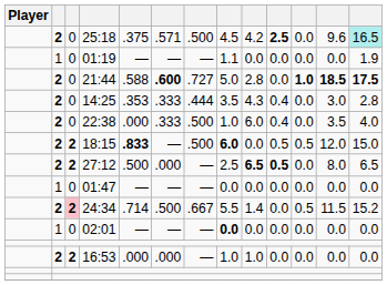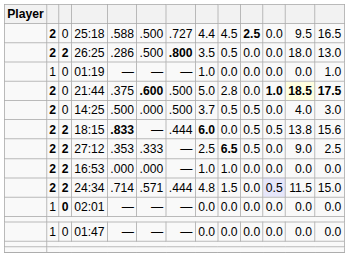 <table class="wikitable sortable" style="font-size:95%; text-align:right;">
 <tr>
 <th>Player</th>
 <th></th>
 <th></th>
 <th></th>
 <th></th>
 <th></th>
 <th></th>
 <th></th>
 <th></th>
 <th></th>
 <th></th>
 <th></th>
 <th></th>
 </tr>
 <tr>
 <td><strong></strong></td>
 <td><strong>2</strong></td>
 <td>0</td>
 <td>25:18</td>
-<td>.375</td>
-<td>.571</td>
+<td>.588</td>
 <td>.500</td>
+<td>.727</td>
+<td>4.4</td>
 <td>4.5</td>
-<td>4.2</td>
 <td><strong>2.5</strong></td>
 <td>0.0</td>
-<td>9.6</td>
-<td style="background: paleturquoise;">16.5</td>
+<td>9.5</td>
+<td>16.5</td>
+</tr>
+<tr>
+<td><strong></strong></td>
+<td><strong>2</strong></td>
+<td><strong>2</strong></td>
+<td>26:25</td>
+<td>.286</td>
+<td>.500</td>
+<td><strong>.800</strong></td>
+<td>3.5</td>
+<td>0.5</td>
+<td>0.0</td>
+<td>0.0</td>
+<td>18.0</td>
+<td>13.0</td>
 </tr>
 <tr>
 <td><strong></strong></td>
 <td>1</td>
 <td>0</td>
 <td>01:19</td>
 <td>—</td>
 <td>—</td>
 <td>—</td>
-<td>1.1</td>
+<td>1.0</td>
 <td>0.0</td>
 <td>0.0</td>
 <td>0.0</td>
 <td>0.0</td>
-<td>1.9</td>
+<td>1.0</td>
 </tr>
 <tr>
 <td><strong></strong></td>
 <td><strong>2</strong></td>
 <td>0</td>
 <td>21:44</td>
-<td>.588</td>
+<td>.375</td>
 <td><strong>.600</strong></td>
-<td>.727</td>
+<td>.500</td>
 <td>5.0</td>
 <td>2.8</td>
 <td>0.0</td>
 <td><strong>1.0</strong></td>
-<td><strong>18.5</strong></td>
+<td style="background: lightyellow;"><strong>18.5</strong></td>
 <td><strong>17.5</strong></td>
 </tr>
 <tr>
 <td><strong></strong></td>
 <td><strong>2</strong></td>
 <td>0</td>
 <td>14:25</td>
-<td>.353</td>
-<td>.333</td>
-<td>.444</td>
-<td>3.5</td>
-<td>4.3</td>
-<td>0.4</td>
+<td>.500</td>
+<td>.000</td>
+<td>.500</td>
+<td>3.7</td>
+<td>0.5</td>
+<td>0.5</td>
 <td>0.0</td>
+<td>4.0</td>
 <td>3.0</td>
-<td>2.8</td>
-</tr>
-<tr>
-<td><strong></strong></td>
-<td><strong>2</strong></td>
-<td>0</td>
-<td>22:38</td>
-<td>.000</td>
-<td>.333</td>
-<td>.500</td>
-<td>1.0</td>
-<td>6.0</td>
-<td>0.4</td>
-<td>0.0</td>
-<td>3.5</td>
-<td>4.0</td>
 </tr>
 <tr>
 <td><strong></strong></td>
 <td><strong>2</strong></td>
 <td><strong>2</strong></td>
 <td>18:15</td>
 <td><strong>.833</strong></td>
 <td>—</td>
-<td>.500</td>
+<td>.444</td>
 <td><strong>6.0</strong></td>
 <td>0.0</td>
 <td>0.5</td>
 <td>0.5</td>
-<td>12.0</td>
-<td>15.0</td>
+<td>13.8</td>
+<td>15.6</td>
 </tr>
 <tr>
 <td><strong></strong></td>
 <td><strong>2</strong></td>
 <td><strong>2</strong></td>
 <td>27:12</td>
-<td>.500</td>
-<td>.000</td>
+<td>.353</td>
+<td>.333</td>
 <td>—</td>
 <td>2.5</td>
 <td><strong>6.5</strong></td>
-<td><strong>0.5</strong></td>
+<td>0.5</td>
 <td>0.0</td>
-<td>8.0</td>
-<td>6.5</td>
+<td>9.0</td>
+<td>2.5</td>
+</tr>
+<tr>
+<td><strong></strong></td>
+<td><strong>2</strong></td>
+<td><strong>2</strong></td>
+<td>16:53</td>
+<td>.000</td>
+<td>.000</td>
+<td>—</td>
+<td>1.0</td>
+<td>1.0</td>
+<td>0.0</td>
+<td>0.0</td>
+<td>0.0</td>
+<td>0.0</td>
+</tr>
+<tr>
+<td><strong></strong></td>
+<td><strong>2</strong></td>
+<td><strong>2</strong></td>
+<td>24:34</td>
+<td>.714</td>
+<td>.571</td>
+<td>.444</td>
+<td>4.8</td>
+<td>1.5</td>
+<td>0.0</td>
+<td style="background: lavender;">0.5</td>
+<td>11.5</td>
+<td>15.0</td>
+</tr>
+<tr>
+<td><strong></strong></td>
+<td>1</td>
+<td><strong>0</strong></td>
+<td>02:01</td>
+<td>—</td>
+<td>—</td>
+<td>—</td>
+<td>0.0</td>
+<td>0.0</td>
+<td>0.0</td>
+<td>0.0</td>
+<td>0.0</td>
+<td>0.0</td>
+</tr>
+<tr>
+<td><strong></strong></td>
+<td colspan=12 data-sort-value="-50"></td>
 </tr>
 <tr>
 <td><strong></strong></td>
 <td>1</td>
 <td>0</td>
 <td>01:47</td>
 <td>—</td>
 <td>—</td>
 <td>—</td>
 <td>0.0</td>
 <td>0.0</td>
 <td>0.0</td>
 <td>0.0</td>
 <td>0.0</td>
 <td>0.0</td>
 </tr>
 <tr>
 <td><strong></strong></td>
-<td><strong>2</strong></td>
-<td style="background: pink;"><strong>2</strong></td>
-<td>24:34</td>
-<td>.714</td>
-<td>.500</td>
-<td>.667</td>
-<td>5.5</td>
-<td>1.4</td>
-<td>0.0</td>
-<td>0.5</td>
-<td>11.5</td>
-<td>15.2</td>
-</tr>
-<tr>
-<td><strong></strong></td>
-<td>1</td>
-<td>0</td>
-<td>02:01</td>
-<td>—</td>
-<td>—</td>
-<td>—</td>
-<td><strong>0.0</strong></td>
-<td>0.0</td>
-<td>0.0</td>
-<td>0.0</td>
-<td>0.0</td>
-<td>0.0</td>
-</tr>
-<tr>
-<td><strong></strong></td>
-<td colspan=12 data-sort-value="-50"></td>
-</tr>
-<tr>
-<td><strong></strong></td>
-<td><strong>2</strong></td>
-<td><strong>2</strong></td>
-<td>16:53</td>
-<td>.000</td>
-<td>.000</td>
-<td>—</td>
-<td>1.0</td>
-<td>1.0</td>
-<td>0.0</td>
-<td>0.0</td>
-<td>0.0</td>
-<td>0.0</td>
-</tr>
-<tr>
-<td><strong></strong></td>
 <td colspan=12 data-sort-value="-50"></td>
 </tr>
 <tr>
 <td><strong></strong></td>
 <td colspan=12 data-sort-value="-50"></td>
 </tr>
 <tr>
 </tr>
 </table>
